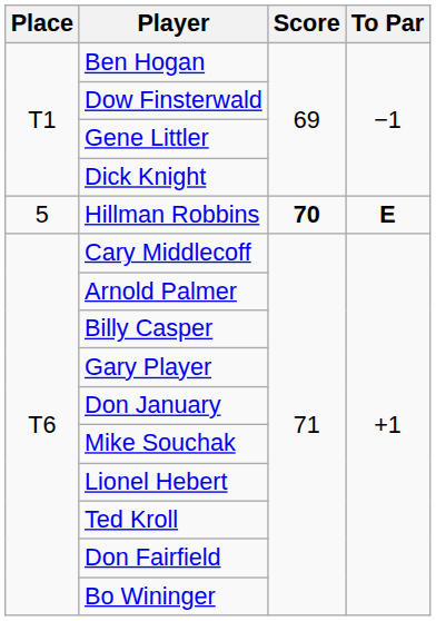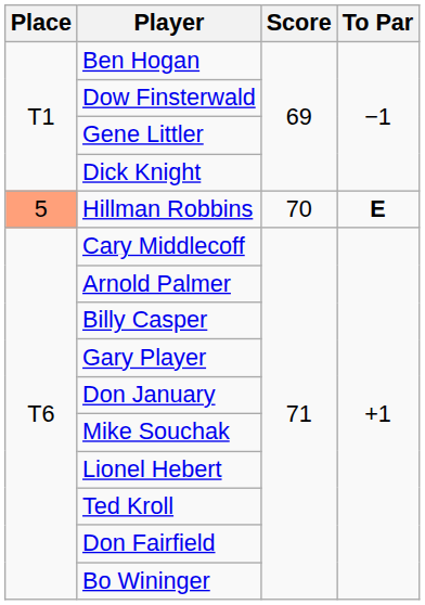 <table class=wikitable>
 <tr>
 <th>Place</th>
 <th>Player</th>
 <th>Score</th>
 <th>To Par</th>
 </tr>
 <tr>
 <td rowspan=4 align=center>T1</td>
 <td> <a href='#'>Ben Hogan</a></td>
 <td rowspan=4 align=center>69</td>
 <td rowspan=4 align=center>−1</td>
 </tr>
 <tr>
 <td> <a href='#'>Dow Finsterwald</a></td>
 </tr>
 <tr>
 <td> <a href='#'>Gene Littler</a></td>
 </tr>
 <tr>
 <td> <a href='#'>Dick Knight</a></td>
 </tr>
 <tr>
-<td align=center>5</td>
+<td align=center style="background: lightsalmon;">5</td>
 <td> <a href='#'>Hillman Robbins</a></td>
-<td align=center><strong>70</strong></td>
+<td align=center>70</td>
 <td align=center><strong>E</strong></td>
 </tr>
 <tr>
 <td rowspan=10 align=center>T6</td>
 <td> <a href='#'>Cary Middlecoff</a></td>
 <td rowspan=10 align=center>71</td>
 <td rowspan=10 align=center>+1</td>
 </tr>
 <tr>
 <td> <a href='#'>Arnold Palmer</a></td>
 </tr>
 <tr>
 <td> <a href='#'>Billy Casper</a></td>
 </tr>
 <tr>
 <td> <a href='#'>Gary Player</a></td>
 </tr>
 <tr>
 <td> <a href='#'>Don January</a></td>
 </tr>
 <tr>
 <td> <a href='#'>Mike Souchak</a></td>
 </tr>
 <tr>
 <td> <a href='#'>Lionel Hebert</a></td>
 </tr>
 <tr>
 <td> <a href='#'>Ted Kroll</a></td>
 </tr>
 <tr>
 <td> <a href='#'>Don Fairfield</a></td>
 </tr>
 <tr>
 <td> <a href='#'>Bo Wininger</a></td>
 </tr>
 </table>
